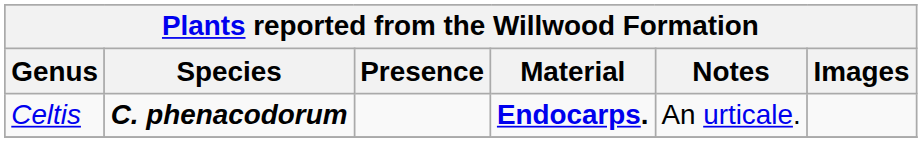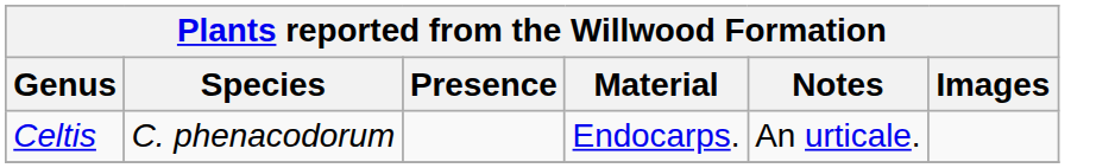 <table class="wikitable" align="center">
 <tr>
 <th colspan="6" align="center"><strong><a href='#'>Plants</a> reported from the Willwood Formation</strong></th>
 </tr>
 <tr>
 <th>Genus</th>
 <th>Species</th>
 <th>Presence</th>
 <th><strong>Material</strong></th>
 <th>Notes</th>
 <th>Images</th>
 </tr>
 <tr>
 <td><em><a href='#'>Celtis</a></em></td>
-<td><strong><em>C. phenacodorum</em></strong></td>
+<td><em>C. phenacodorum</em></td>
 <td></td>
-<td><strong><a href='#'>Endocarps</a>.</strong></td>
+<td><a href='#'>Endocarps</a>.</td>
 <td>An <a href='#'>urticale</a>.</td>
 <td></td>
 </tr>
 <tr>
 </tr>
 </table>
